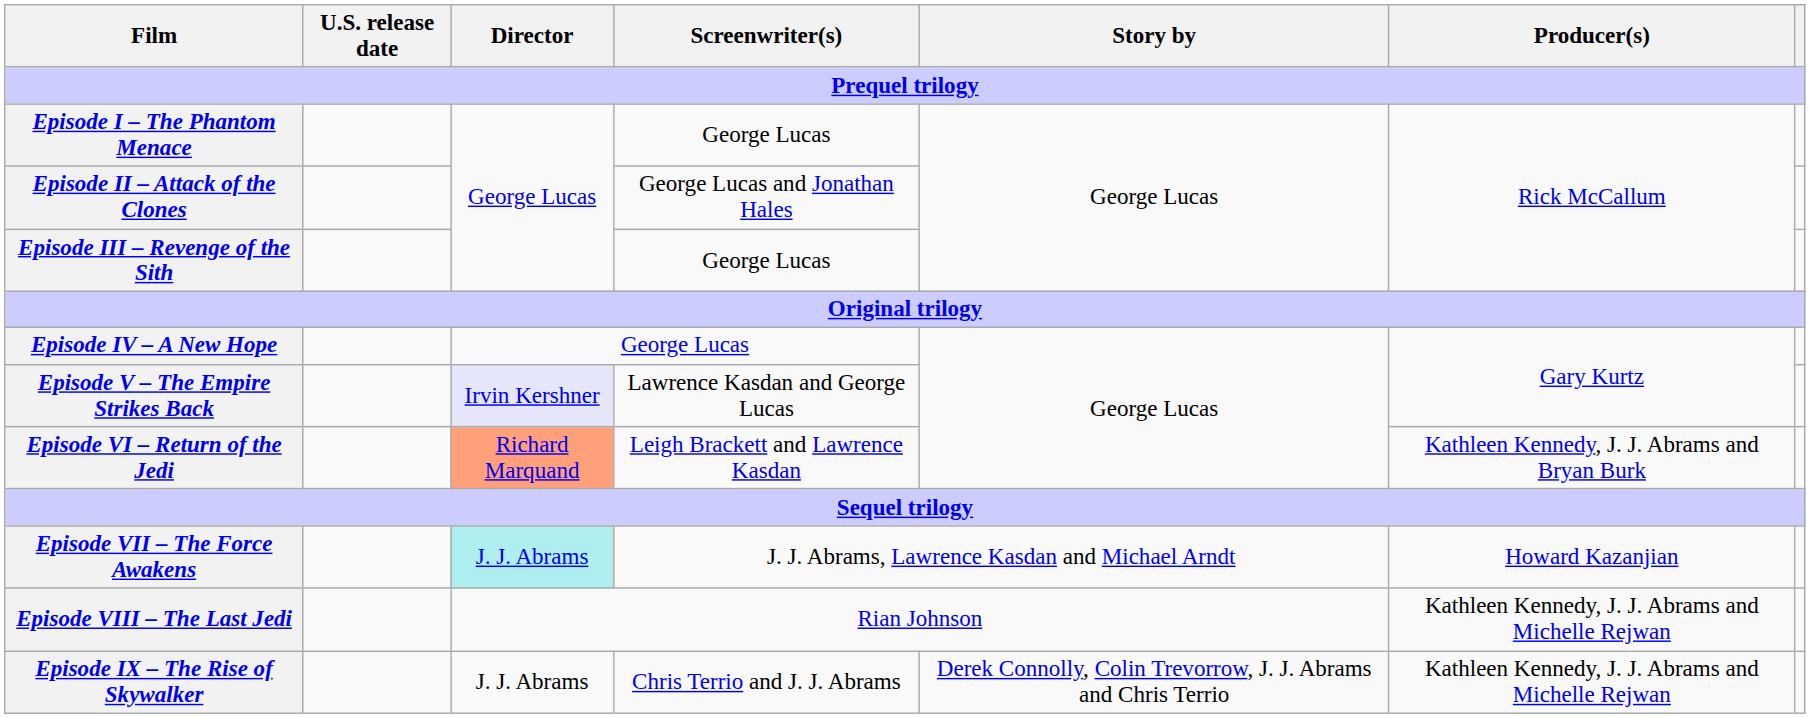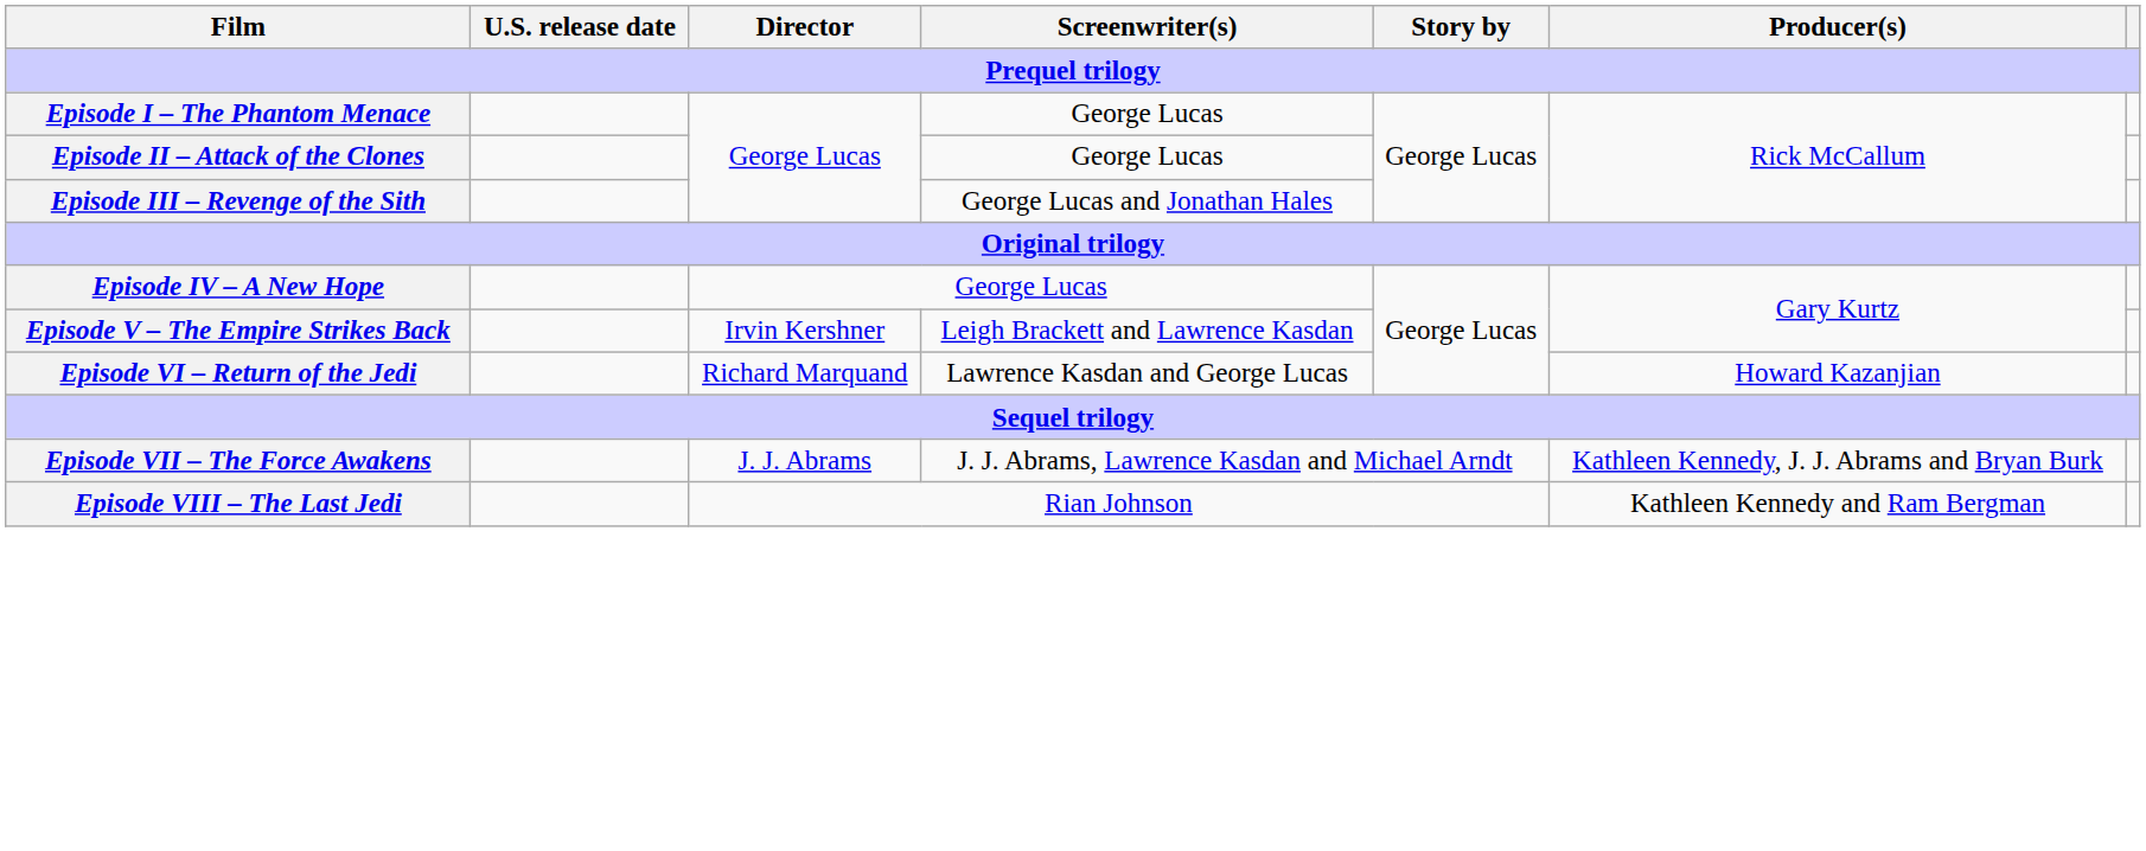 <table class="wikitable plainrowheaders sortable sticky-header-multi" style="text-align:center; width:99%">
 <tr>
 <th scope="col">Film</th>
 <th scope="col">U.S. release date</th>
 <th scope="col">Director</th>
 <th scope="col">Screenwriter(s)</th>
 <th scope="col">Story by</th>
 <th scope="col">Producer(s)</th>
 <th scope="col"></th>
 </tr>
 <tr>
 <th colspan="7" style="background-color:#ccccff;"><a href='#'>Prequel trilogy</a><br></th>
 </tr>
 <tr>
 <th scope="row"><em><a href='#'>Episode I – The Phantom Menace</a></em></th>
 <td style="text-align:left"></td>
 <td rowspan="3"><a href='#'>George Lucas</a></td>
 <td>George Lucas</td>
 <td rowspan="3">George Lucas</td>
 <td rowspan="3"><a href='#'>Rick McCallum</a></td>
 <td></td>
 </tr>
 <tr>
 <th scope="row"><em><a href='#'>Episode II – Attack of the Clones</a></em></th>
 <td style="text-align:left"></td>
-<td>George Lucas and <a href='#'>Jonathan Hales</a></td>
+<td>George Lucas</td>
 <td></td>
 </tr>
 <tr>
 <th scope="row"><em><a href='#'>Episode III – Revenge of the Sith</a></em></th>
 <td style="text-align:left"></td>
-<td>George Lucas</td>
+<td>George Lucas and <a href='#'>Jonathan Hales</a></td>
 <td></td>
 </tr>
 <tr>
 <th colspan="7" style="background-color:#ccccff;"><a href='#'>Original trilogy</a><br></th>
 </tr>
 <tr>
 <th scope="row"><em><a href='#'>Episode IV – A New Hope</a></em></th>
 <td style="text-align:left"></td>
 <td colspan="2"><a href='#'>George Lucas</a></td>
 <td rowspan="3">George Lucas</td>
 <td rowspan="2"><a href='#'>Gary Kurtz</a></td>
 <td></td>
 </tr>
 <tr>
 <th scope="row"><em><a href='#'>Episode V – The Empire Strikes Back</a></em></th>
 <td style="text-align:left"></td>
-<td style="background: lavender;"><a href='#'>Irvin Kershner</a></td>
-<td>Lawrence Kasdan and George Lucas</td>
+<td><a href='#'>Irvin Kershner</a></td>
+<td><a href='#'>Leigh Brackett</a> and <a href='#'>Lawrence Kasdan</a></td>
 <td></td>
 </tr>
 <tr>
 <th scope="row"><em><a href='#'>Episode VI – Return of the Jedi</a></em></th>
 <td style="text-align:left"></td>
-<td style="background: lightsalmon;"><a href='#'>Richard Marquand</a></td>
-<td><a href='#'>Leigh Brackett</a> and <a href='#'>Lawrence Kasdan</a></td>
-<td><a href='#'>Kathleen Kennedy</a>, J. J. Abrams and <a href='#'>Bryan Burk</a></td>
+<td><a href='#'>Richard Marquand</a></td>
+<td>Lawrence Kasdan and George Lucas</td>
+<td><a href='#'>Howard Kazanjian</a></td>
 <td></td>
 </tr>
 <tr>
 <th colspan="7" style="background-color:#ccccff;"><a href='#'>Sequel trilogy</a><br></th>
 </tr>
 <tr>
 <th scope="row"><em><a href='#'>Episode VII – The Force Awakens</a></em></th>
 <td style="text-align:left"></td>
-<td style="background: paleturquoise;"><a href='#'>J. J. Abrams</a></td>
+<td><a href='#'>J. J. Abrams</a></td>
 <td colspan="2">J. J. Abrams, <a href='#'>Lawrence Kasdan</a> and <a href='#'>Michael Arndt</a></td>
-<td><a href='#'>Howard Kazanjian</a></td>
+<td><a href='#'>Kathleen Kennedy</a>, J. J. Abrams and <a href='#'>Bryan Burk</a></td>
 <td></td>
 </tr>
 <tr>
 <th scope="row"><em><a href='#'>Episode VIII – The Last Jedi</a></em></th>
 <td style="text-align:left"></td>
 <td colspan="3"><a href='#'>Rian Johnson</a></td>
-<td>Kathleen Kennedy, J. J. Abrams and <a href='#'>Michelle Rejwan</a></td>
-<td></td>
-</tr>
-<tr>
-<th scope="row"><em><a href='#'>Episode IX – The Rise of Skywalker</a></em></th>
-<td style="text-align:left"></td>
-<td>J. J. Abrams</td>
-<td><a href='#'>Chris Terrio</a> and J. J. Abrams</td>
-<td><a href='#'>Derek Connolly</a>, <a href='#'>Colin Trevorrow</a>, J. J. Abrams and Chris Terrio</td>
-<td>Kathleen Kennedy, J. J. Abrams and <a href='#'>Michelle Rejwan</a></td>
+<td>Kathleen Kennedy and <a href='#'>Ram Bergman</a></td>
 <td></td>
 </tr>
 </table>
